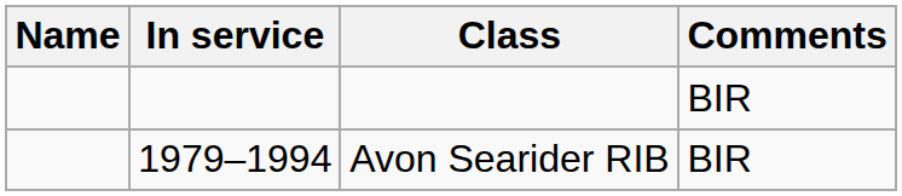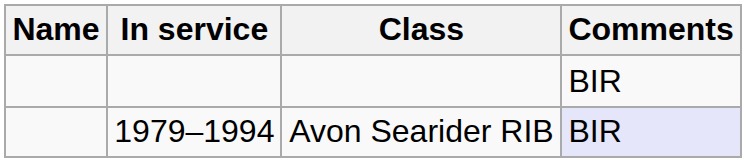 <table class="wikitable">
 <tr>
 <th>Name</th>
 <th>In service</th>
 <th>Class</th>
 <th>Comments</th>
 </tr>
 <tr>
 <td></td>
 <td></td>
 <td></td>
 <td>BIR</td>
 </tr>
 <tr>
 <td></td>
 <td>1979–1994</td>
 <td>Avon Searider RIB</td>
-<td>BIR</td>
+<td style="background: lavender;">BIR</td>
 </tr>
 <tr>
 </tr>
 </table>
